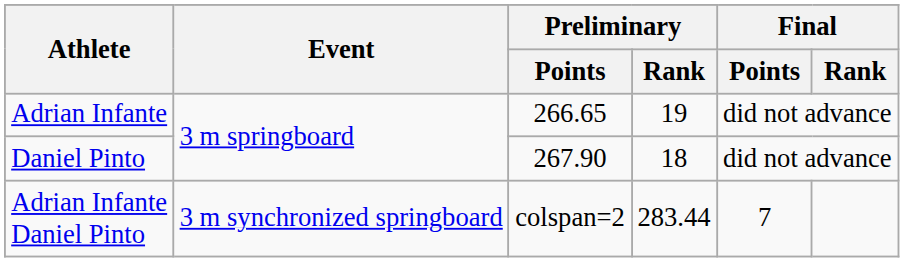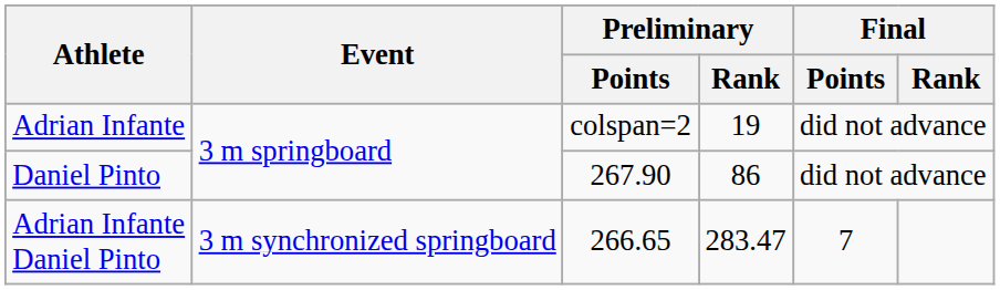 <table class=wikitable style="font-size:90%">
 <tr>
 <th rowspan="2">Athlete</th>
 <th rowspan="2">Event</th>
 <th colspan="2">Preliminary</th>
 <th colspan="2">Final</th>
 </tr>
 <tr>
 <th>Points</th>
 <th>Rank</th>
 <th>Points</th>
 <th>Rank</th>
 </tr>
 <tr align=center>
 <td align=left><a href='#'>Adrian Infante</a></td>
 <td align=left rowspan=2><a href='#'>3 m springboard</a></td>
-<td>266.65</td>
+<td>colspan=2 </td>
 <td>19</td>
 <td colspan=2>did not advance</td>
 </tr>
 <tr align=center>
 <td align=left><a href='#'>Daniel Pinto</a></td>
 <td>267.90</td>
-<td>18</td>
+<td>86</td>
 <td colspan=2>did not advance</td>
 </tr>
 <tr align=center>
 <td align=left><a href='#'>Adrian Infante</a><br><a href='#'>Daniel Pinto</a></td>
 <td align=left><a href='#'>3 m synchronized springboard</a></td>
-<td>colspan=2 </td>
-<td>283.44</td>
+<td>266.65</td>
+<td>283.47</td>
 <td>7</td>
 </tr>
 </table>
